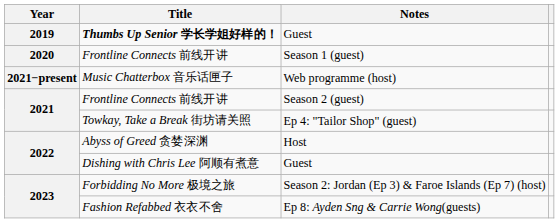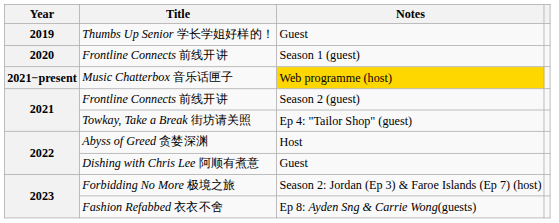 <table class="wikitable sortable plainrowheaders">
 <tr>
 <th scope="col">Year</th>
 <th scope="col">Title</th>
 <th scope="col" class="unsortable">Notes</th>
 <th scope="col" class="unsortable"></th>
 </tr>
 <tr>
 <th scope="row">2019</th>
-<td><strong><em>Thumbs Up Senior</em> 学长学姐好样的！</strong></td>
+<td><em>Thumbs Up Senior</em> 学长学姐好样的！</td>
 <td>Guest</td>
 <td></td>
 </tr>
 <tr>
 <th scope="row">2020</th>
 <td><em>Frontline Connects</em> 前线开讲</td>
 <td>Season 1 (guest)</td>
 <td></td>
 </tr>
 <tr>
 <th scope="row">2021−present</th>
 <td><em>Music Chatterbox</em> 音乐话匣子</td>
-<td>Web programme (host)</td>
+<td style="background: gold;">Web programme (host)</td>
 <td></td>
 </tr>
 <tr>
 <th rowspan="2" scope="row">2021</th>
 <td><em>Frontline Connects</em> 前线开讲</td>
 <td>Season 2 (guest)</td>
 <td></td>
 </tr>
 <tr>
 <td><em>Towkay, Take a Break</em> 街坊请关照</td>
 <td>Ep 4: "Tailor Shop" (guest)</td>
 <td></td>
 </tr>
 <tr>
 <th rowspan="2" scope="row">2022</th>
 <td><em>Abyss of Greed</em> 贪婪深渊</td>
 <td>Host</td>
 <td></td>
 </tr>
 <tr>
 <td><em>Dishing with Chris Lee</em> 阿顺有煮意</td>
 <td>Guest</td>
 <td></td>
 </tr>
 <tr>
 <th rowspan="2" scope="row">2023</th>
 <td><em>Forbidding No More</em> 极境之旅</td>
 <td>Season 2: Jordan (Ep 3) & Faroe Islands (Ep 7) (host)</td>
 <td></td>
 </tr>
 <tr>
 <td><em>Fashion Refabbed</em> 衣衣不舍</td>
 <td>Ep 8: <em>Ayden Sng & Carrie Wong</em>(guests)</td>
 <td></td>
 </tr>
 </table>
